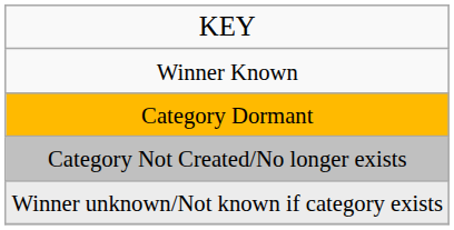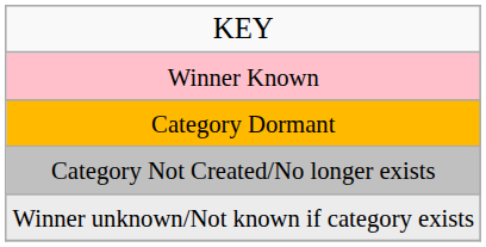 <table class="wikitable" style="text-align:center">
 <tr>
 <td>KEY</td>
 </tr>
 <tr>
-<td><small>Winner Known</small></td>
+<td style="background: pink;"><small>Winner Known</small></td>
 </tr>
 <tr>
 <td style="background: #FFBA00;"><small>Category Dormant</small></td>
 </tr>
 <tr>
 <td style="background: #C0C0C0;"><small>Category Not Created/No longer exists</small></td>
 </tr>
 <tr>
 <td style="background: #ECECEC;"><small>Winner unknown/Not known if category exists</small></td>
 </tr>
 <tr>
 </tr>
 </table>
